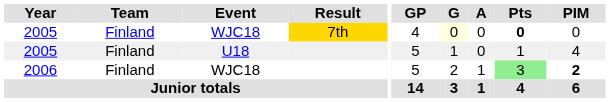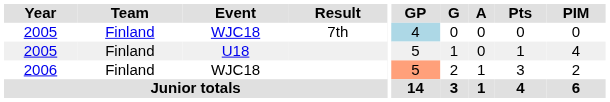 <table border="0" cellpadding="1" cellspacing="0" ID="Table3" style="text-align:center; width:40em">
 <tr ALIGN="center" bgcolor="#e0e0e0">
 <th>Year</th>
 <th>Team</th>
 <th>Event</th>
 <th>Result</th>
 <th rowspan="99" bgcolor="#ffffff"></th>
 <th>GP</th>
 <th>G</th>
 <th>A</th>
 <th>Pts</th>
 <th>PIM</th>
 </tr>
 <tr>
 <td><a href='#'>2005</a></td>
 <td><a href='#'>Finland</a></td>
 <td><a href='#'>WJC18</a></td>
-<td style="background: gold;">7th</td>
-<td>4</td>
-<td style="background: lightyellow;">0</td>
+<td>7th</td>
+<td style="background: lightblue;">4</td>
 <td>0</td>
-<td><strong>0</strong></td>
+<td>0</td>
+<td>0</td>
 <td>0</td>
 </tr>
 <tr bgcolor="#f0f0f0">
 <td><a href='#'>2005</a></td>
 <td>Finland</td>
 <td><a href='#'>U18</a></td>
 <td></td>
 <td>5</td>
 <td>1</td>
 <td>0</td>
 <td>1</td>
 <td>4</td>
 </tr>
 <tr>
 <td><a href='#'>2006</a></td>
 <td>Finland</td>
 <td>WJC18</td>
 <td></td>
-<td>5</td>
+<td style="background: lightsalmon;">5</td>
 <td>2</td>
 <td>1</td>
-<td style="background: lightgreen;">3</td>
-<td><strong>2</strong></td>
+<td>3</td>
+<td>2</td>
 </tr>
 <tr bgcolor="#e0e0e0">
 <th colspan="4">Junior totals</th>
 <th>14</th>
 <th>3</th>
 <th>1</th>
 <th>4</th>
 <th>6</th>
 </tr>
 </table>
